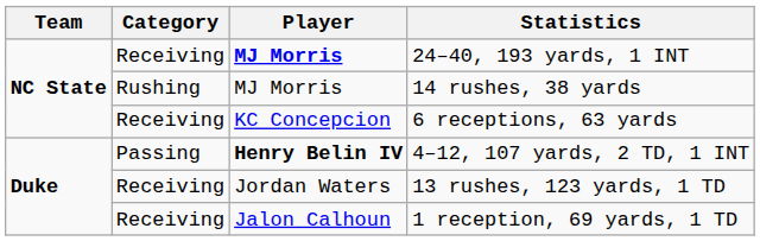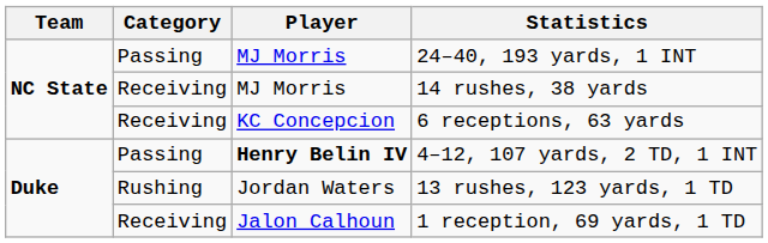 <table class="wikitable" style="float: left;">
 <tr>
 <th>Team</th>
 <th>Category</th>
 <th>Player</th>
 <th>Statistics</th>
 </tr>
 <tr>
 <td rowspan=3><strong>NC State</strong></td>
-<td>Receiving</td>
-<td><strong><a href='#'>MJ Morris</a></strong></td>
+<td>Passing</td>
+<td><a href='#'>MJ Morris</a></td>
 <td>24–40, 193 yards, 1 INT</td>
 </tr>
 <tr>
-<td>Rushing</td>
+<td>Receiving</td>
 <td>MJ Morris</td>
 <td>14 rushes, 38 yards</td>
 </tr>
 <tr>
 <td>Receiving</td>
 <td><a href='#'>KC Concepcion</a></td>
 <td>6 receptions, 63 yards</td>
 </tr>
 <tr>
 <td rowspan=3><strong>Duke</strong></td>
 <td>Passing</td>
 <td><strong>Henry Belin IV</strong></td>
 <td>4–12, 107 yards, 2 TD, 1 INT</td>
 </tr>
 <tr>
-<td>Receiving</td>
+<td>Rushing</td>
 <td>Jordan Waters</td>
 <td>13 rushes, 123 yards, 1 TD</td>
 </tr>
 <tr>
 <td>Receiving</td>
 <td><a href='#'>Jalon Calhoun</a></td>
 <td>1 reception, 69 yards, 1 TD</td>
 </tr>
 </table>
